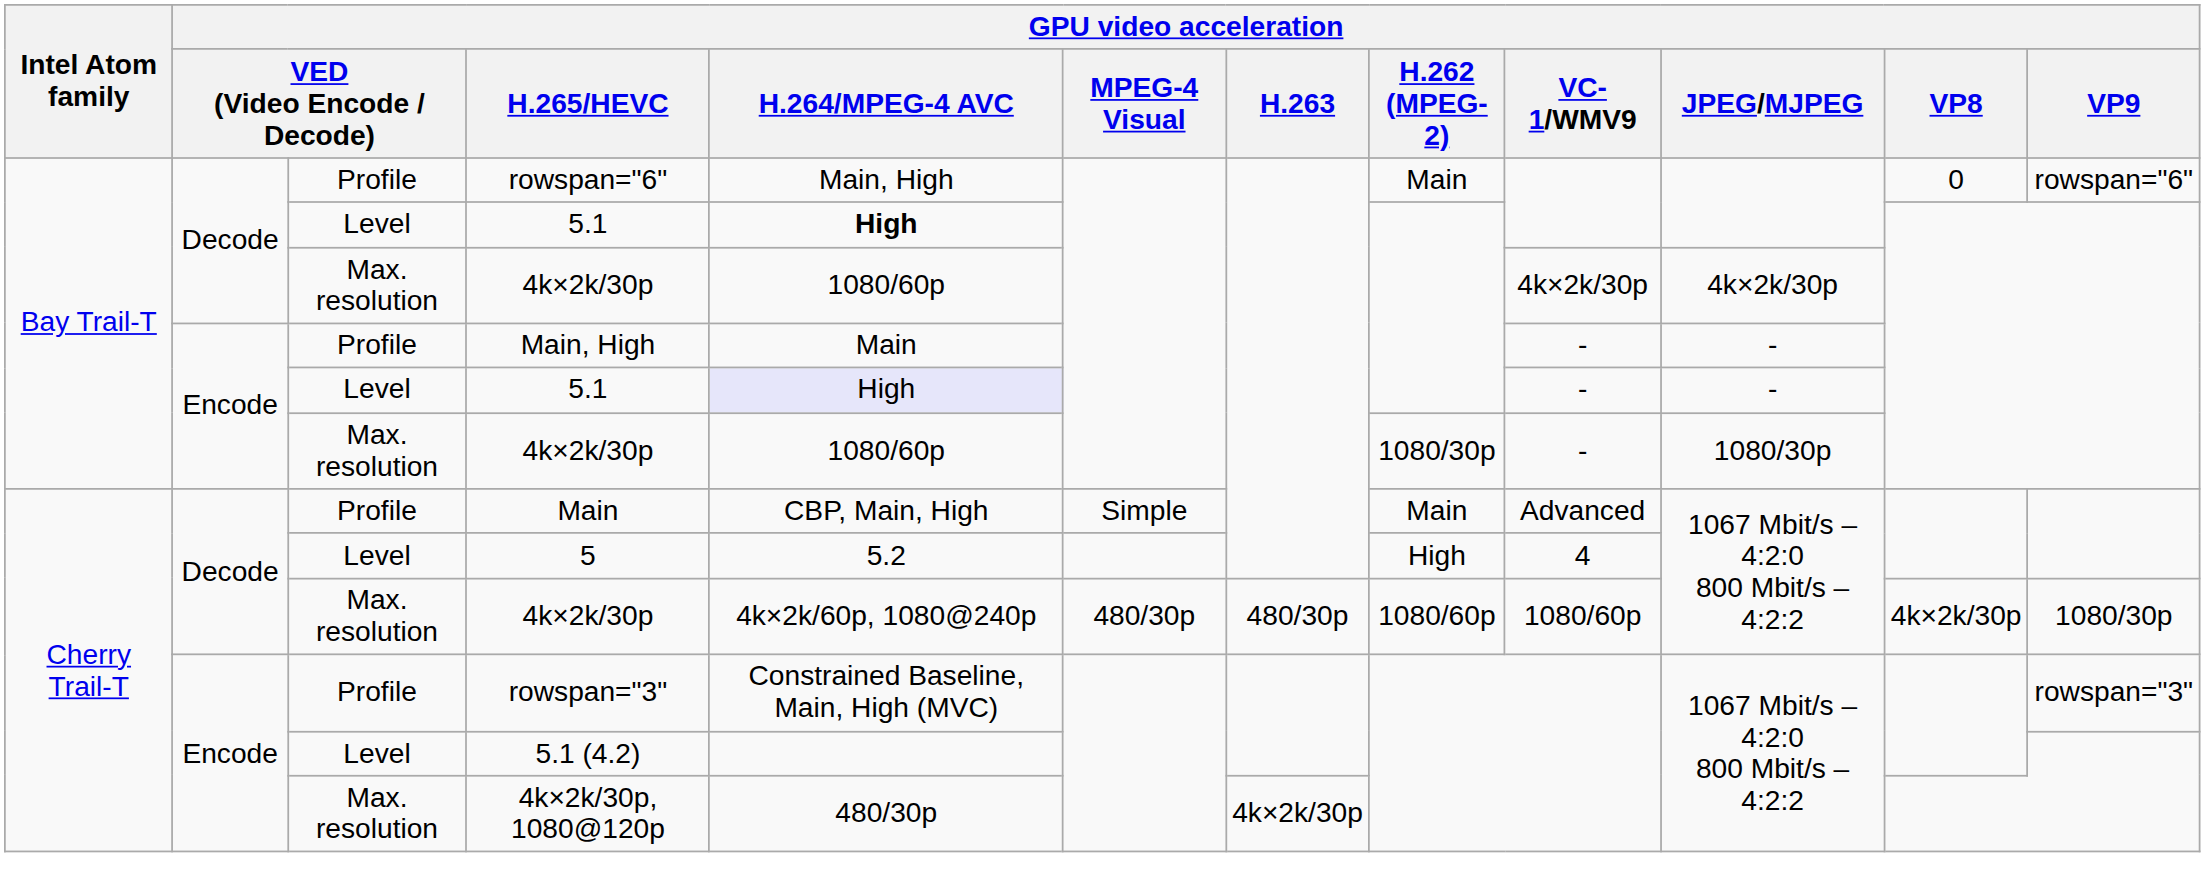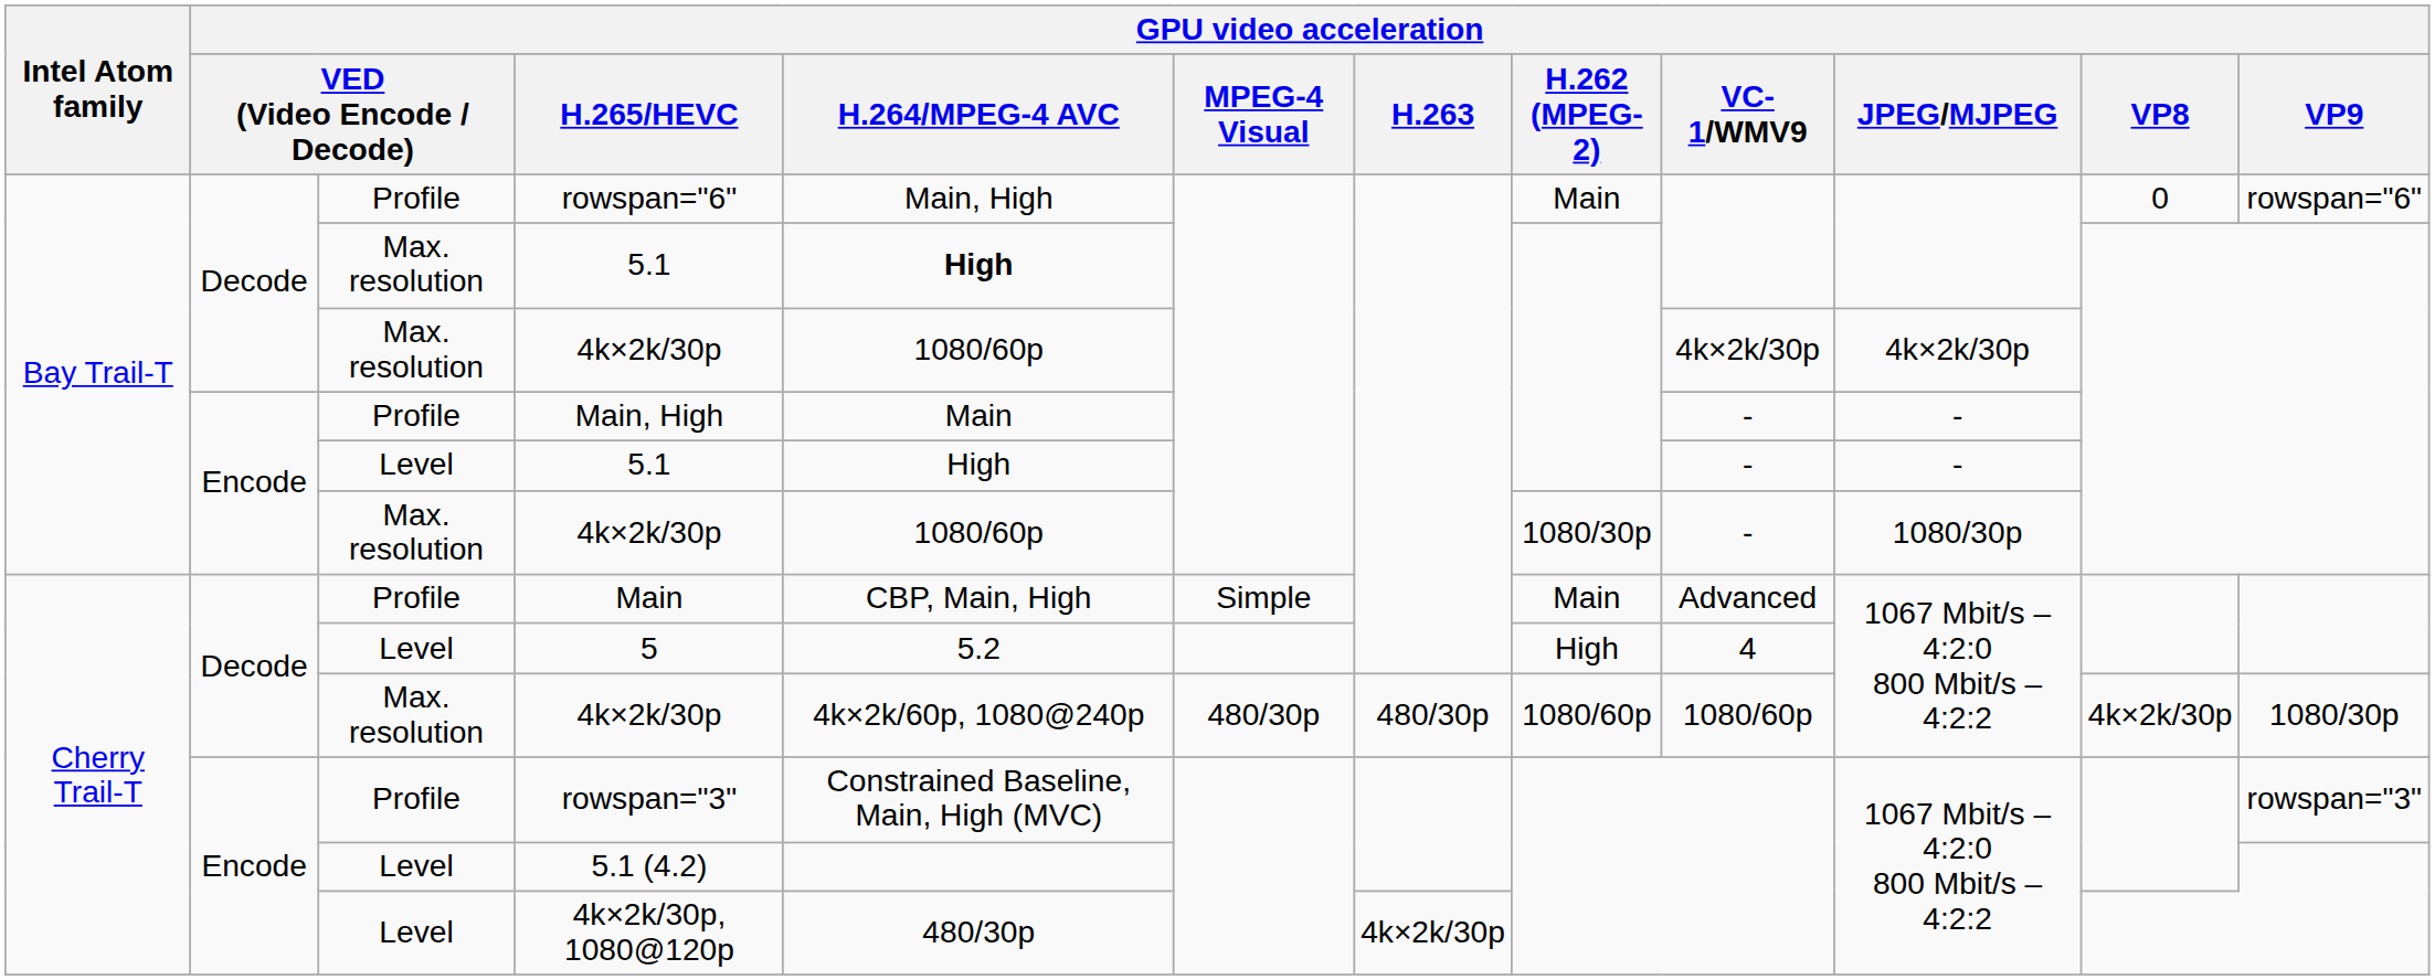 <table class="wikitable" style="text-align: center;">
 <tr>
 <th rowspan="2">Intel Atom family</th>
 <th colspan="11"><a href='#'>GPU video acceleration</a></th>
 </tr>
 <tr>
 <th colspan=2><a href='#'>VED</a><br> (Video Encode / Decode)</th>
 <th><a href='#'>H.265/HEVC</a></th>
 <th><a href='#'>H.264/MPEG-4 AVC</a></th>
 <th><a href='#'>MPEG-4 Visual</a></th>
 <th><a href='#'>H.263</a></th>
 <th><a href='#'>H.262<br>(MPEG-2)</a></th>
 <th><a href='#'>VC-1</a>/WMV9</th>
 <th><a href='#'>JPEG</a>/<a href='#'>MJPEG</a></th>
 <th><a href='#'>VP8</a></th>
 <th><a href='#'>VP9</a></th>
 </tr>
 <tr>
 <td rowspan=6><a href='#'>Bay Trail-T</a></td>
 <td rowspan=3>Decode</td>
 <td>Profile</td>
 <td>rowspan="6" </td>
 <td>Main, High</td>
 <td rowspan="6"></td>
 <td rowspan="8"></td>
 <td>Main</td>
 <td rowspan="2"></td>
 <td rowspan="2"></td>
 <td>0</td>
 <td>rowspan="6" </td>
 </tr>
 <tr>
-<td>Level</td>
+<td>Max. resolution</td>
 <td>5.1</td>
 <td><strong>High</strong></td>
 <td rowspan="4" Unified></td>
 </tr>
 <tr>
 <td>Max. resolution</td>
 <td>4k×2k/30p</td>
 <td>1080/60p</td>
 <td>4k×2k/30p</td>
 <td>4k×2k/30p</td>
 </tr>
 <tr>
 <td rowspan=3>Encode</td>
 <td>Profile</td>
 <td>Main, High</td>
 <td>Main</td>
 <td>-</td>
 <td>-</td>
 </tr>
 <tr>
 <td>Level</td>
 <td>5.1</td>
-<td style="background: lavender;">High</td>
+<td>High</td>
 <td>-</td>
 <td>-</td>
 </tr>
 <tr>
 <td>Max. resolution</td>
 <td>4k×2k/30p</td>
 <td>1080/60p</td>
 <td>1080/30p</td>
 <td>-</td>
 <td>1080/30p</td>
 </tr>
 <tr>
 <td rowspan="6"><a href='#'>Cherry Trail-T</a></td>
 <td rowspan="3">Decode</td>
 <td>Profile</td>
 <td>Main</td>
 <td>CBP, Main, High</td>
 <td>Simple</td>
 <td>Main</td>
 <td>Advanced</td>
 <td rowspan="3" text-align: right;>1067 Mbit/s – 4:2:0<br>800 Mbit/s – 4:2:2</td>
 <td rowspan="2"></td>
 <td rowspan="2"></td>
 </tr>
 <tr>
 <td>Level</td>
 <td>5</td>
 <td>5.2</td>
 <td></td>
 <td>High</td>
 <td>4</td>
 </tr>
 <tr>
 <td>Max. resolution</td>
 <td>4k×2k/30p</td>
 <td>4k×2k/60p, 1080@240p</td>
 <td>480/30p</td>
 <td>480/30p</td>
 <td>1080/60p</td>
 <td>1080/60p</td>
 <td>4k×2k/30p</td>
 <td>1080/30p</td>
 </tr>
 <tr>
 <td rowspan="3">Encode</td>
 <td>Profile</td>
 <td>rowspan="3" </td>
 <td>Constrained Baseline, Main, High (MVC)</td>
 <td rowspan="3"></td>
 <td rowspan="2"></td>
 <td colspan="2" rowspan="3"></td>
 <td rowspan="3" text-align: right;>1067 Mbit/s – 4:2:0<br>800 Mbit/s – 4:2:2</td>
 <td rowspan="2"></td>
 <td>rowspan="3" </td>
 </tr>
 <tr>
 <td>Level</td>
 <td>5.1 (4.2)</td>
 </tr>
 <tr>
-<td>Max. resolution</td>
+<td>Level</td>
 <td>4k×2k/30p, 1080@120p</td>
 <td>480/30p</td>
 <td>4k×2k/30p</td>
 </tr>
 </table>
